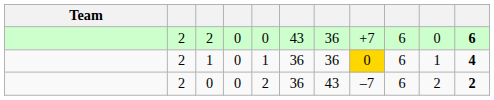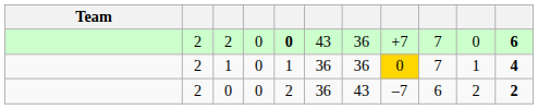 <table class="wikitable" style="text-align:center;">
 <tr>
 <th style="width:11.0em;">Team</th>
 <th style="width:1.5em;"></th>
 <th style="width:1.5em;"></th>
 <th style="width:1.5em;"></th>
 <th style="width:1.5em;"></th>
 <th style="width:2.0em;"></th>
 <th style="width:2.0em;"></th>
 <th style="width:2.0em;"></th>
 <th style="width:2.0em;"></th>
 <th style="width:2.0em;"></th>
 <th style="width:2.0em;"></th>
 </tr>
 <tr bgcolor=#cfc>
 <td align="left"></td>
 <td>2</td>
 <td>2</td>
 <td>0</td>
-<td>0</td>
+<td><strong>0</strong></td>
 <td>43</td>
 <td>36</td>
 <td>+7</td>
-<td>6</td>
+<td>7</td>
 <td>0</td>
 <td><strong>6</strong></td>
 </tr>
 <tr>
 <td align="left"></td>
 <td>2</td>
 <td>1</td>
 <td>0</td>
 <td>1</td>
 <td>36</td>
 <td>36</td>
 <td style="background: gold;">0</td>
-<td>6</td>
+<td>7</td>
 <td>1</td>
 <td><strong>4</strong></td>
 </tr>
 <tr>
 <td align="left"></td>
 <td>2</td>
 <td>0</td>
 <td>0</td>
 <td>2</td>
 <td>36</td>
 <td>43</td>
 <td>–7</td>
 <td>6</td>
 <td>2</td>
 <td><strong>2</strong></td>
 </tr>
 </table>
